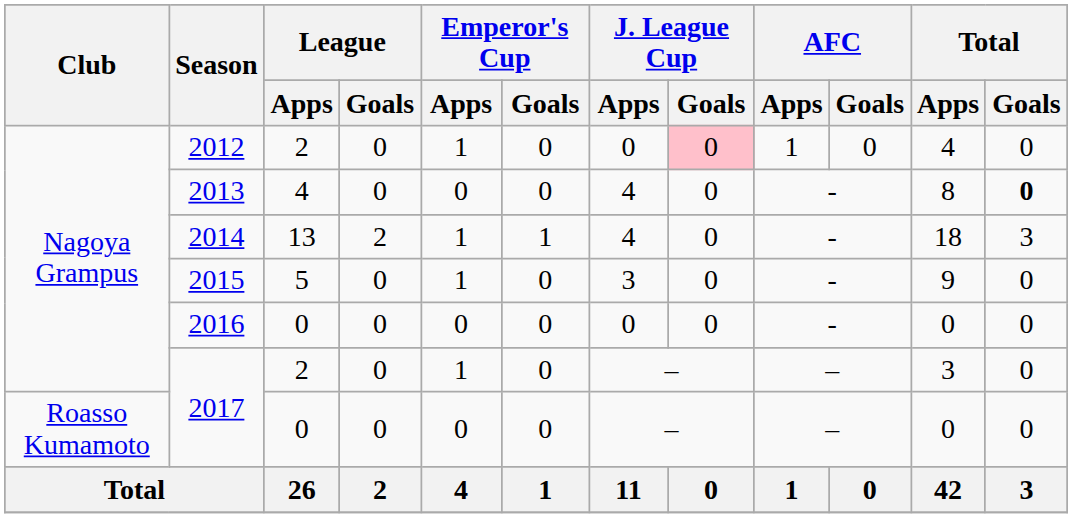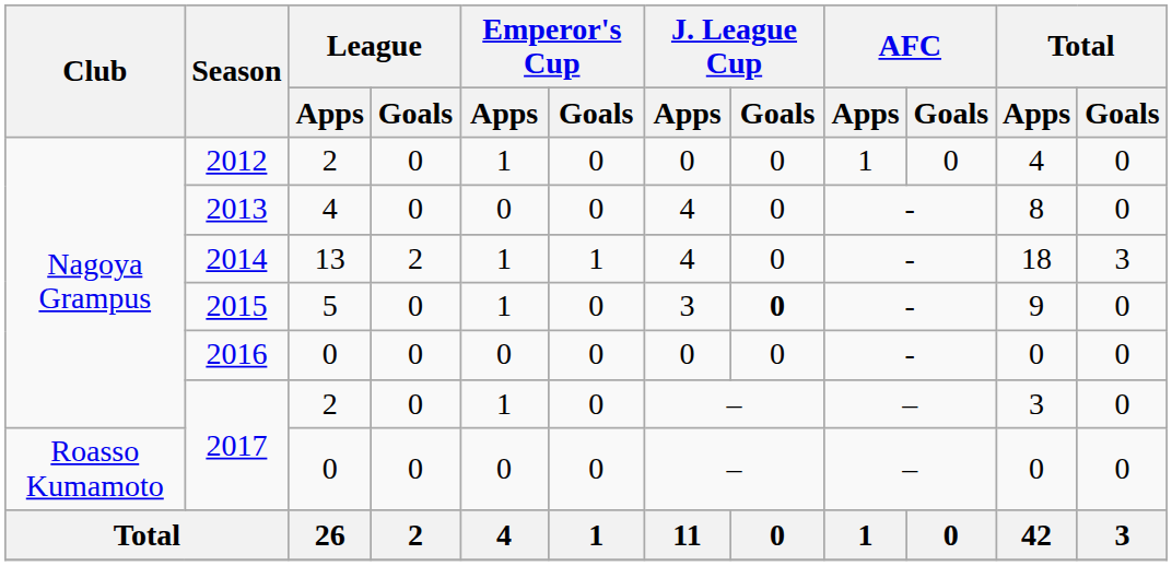 <table class="wikitable" style="text-align:center;">
 <tr>
 <th rowspan="2">Club</th>
 <th rowspan="2">Season</th>
 <th colspan="2">League</th>
 <th colspan="2"><a href='#'>Emperor's Cup</a></th>
 <th colspan="2"><a href='#'>J. League Cup</a></th>
 <th colspan="2"><a href='#'>AFC</a></th>
 <th colspan="2">Total</th>
 </tr>
 <tr>
 <th>Apps</th>
 <th>Goals</th>
 <th>Apps</th>
 <th>Goals</th>
 <th>Apps</th>
 <th>Goals</th>
 <th>Apps</th>
 <th>Goals</th>
 <th>Apps</th>
 <th>Goals</th>
 </tr>
 <tr>
 <td rowspan="6"><a href='#'>Nagoya Grampus</a></td>
 <td><a href='#'>2012</a></td>
 <td>2</td>
 <td>0</td>
 <td>1</td>
 <td>0</td>
 <td>0</td>
-<td style="background: pink;">0</td>
+<td>0</td>
 <td>1</td>
 <td>0</td>
 <td>4</td>
 <td>0</td>
 </tr>
 <tr>
 <td><a href='#'>2013</a></td>
 <td>4</td>
 <td>0</td>
 <td>0</td>
 <td>0</td>
 <td>4</td>
 <td>0</td>
 <td colspan="2">-</td>
 <td>8</td>
-<td><strong>0</strong></td>
+<td>0</td>
 </tr>
 <tr>
 <td><a href='#'>2014</a></td>
 <td>13</td>
 <td>2</td>
 <td>1</td>
 <td>1</td>
 <td>4</td>
 <td>0</td>
 <td colspan="2">-</td>
 <td>18</td>
 <td>3</td>
 </tr>
 <tr>
 <td><a href='#'>2015</a></td>
 <td>5</td>
 <td>0</td>
 <td>1</td>
 <td>0</td>
 <td>3</td>
-<td>0</td>
+<td><strong>0</strong></td>
 <td colspan="2">-</td>
 <td>9</td>
 <td>0</td>
 </tr>
 <tr>
 <td><a href='#'>2016</a></td>
 <td>0</td>
 <td>0</td>
 <td>0</td>
 <td>0</td>
 <td>0</td>
 <td>0</td>
 <td colspan="2">-</td>
 <td>0</td>
 <td>0</td>
 </tr>
 <tr>
 <td rowspan="2"><a href='#'>2017</a></td>
 <td>2</td>
 <td>0</td>
 <td>1</td>
 <td>0</td>
 <td colspan="2">–</td>
 <td colspan="2">–</td>
 <td>3</td>
 <td>0</td>
 </tr>
 <tr>
 <td><a href='#'>Roasso Kumamoto</a></td>
 <td>0</td>
 <td>0</td>
 <td>0</td>
 <td>0</td>
 <td colspan="2">–</td>
 <td colspan="2">–</td>
 <td>0</td>
 <td>0</td>
 </tr>
 <tr>
 <th colspan="2">Total</th>
 <th>26</th>
 <th>2</th>
 <th>4</th>
 <th>1</th>
 <th>11</th>
 <th>0</th>
 <th>1</th>
 <th>0</th>
 <th>42</th>
 <th>3</th>
 </tr>
 <tr>
 </tr>
 </table>
